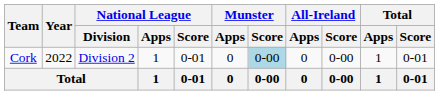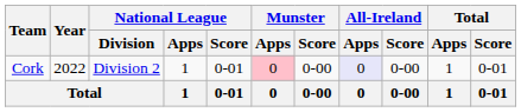 <table class="wikitable" style="text-align:center">
 <tr>
 <th rowspan="2">Team</th>
 <th rowspan="2">Year</th>
 <th colspan="3"><a href='#'>National League</a></th>
 <th colspan="2"><a href='#'>Munster</a></th>
 <th colspan="2"><a href='#'>All-Ireland</a></th>
 <th colspan="2">Total</th>
 </tr>
 <tr>
 <th>Division</th>
 <th>Apps</th>
 <th>Score</th>
 <th>Apps</th>
 <th>Score</th>
 <th>Apps</th>
 <th>Score</th>
 <th>Apps</th>
 <th>Score</th>
 </tr>
 <tr>
 <td rowspan="1"><a href='#'>Cork</a></td>
 <td>2022</td>
 <td rowspan="1"><a href='#'>Division 2</a></td>
 <td>1</td>
 <td>0-01</td>
-<td>0</td>
-<td style="background: lightblue;">0-00</td>
-<td>0</td>
+<td style="background: pink;">0</td>
+<td>0-00</td>
+<td style="background: lavender;">0</td>
 <td>0-00</td>
 <td>1</td>
 <td>0-01</td>
 </tr>
 <tr>
 <th colspan="3">Total</th>
 <th>1</th>
 <th>0-01</th>
 <th>0</th>
 <th>0-00</th>
 <th>0</th>
 <th>0-00</th>
 <th>1</th>
 <th>0-01</th>
 </tr>
 </table>
